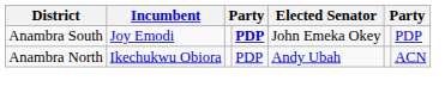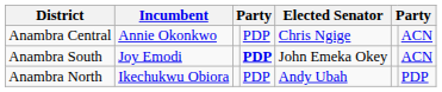 <table class="sortable wikitable" style="font-size:95%;line-height:14px;">
 <tr>
 <th class="unsortable">District</th>
 <th class="unsortable"><a href='#'>Incumbent</a></th>
 <th colspan="2">Party</th>
 <th class="unsortable">Elected Senator</th>
 <th colspan="2">Party</th>
 </tr>
 <tr>
+<td>Anambra Central</td>
+<td><a href='#'>Annie Okonkwo</a></td>
+<td></td>
+<td><a href='#'>PDP</a></td>
+<td><a href='#'>Chris Ngige</a></td>
+<td style="background:"></td>
+<td><a href='#'>ACN</a></td>
+</tr>
+<tr>
 <td>Anambra South</td>
 <td><a href='#'>Joy Emodi</a></td>
 <td></td>
 <td><strong><a href='#'>PDP</a></strong></td>
 <td>John Emeka Okey</td>
 <td style="background:"></td>
-<td><a href='#'>PDP</a></td>
+<td><a href='#'>ACN</a></td>
 </tr>
 <tr>
 <td>Anambra North</td>
 <td><a href='#'>Ikechukwu Obiora</a></td>
 <td></td>
 <td><a href='#'>PDP</a></td>
 <td><a href='#'>Andy Ubah</a></td>
 <td style="background:"></td>
-<td><a href='#'>ACN</a></td>
+<td><a href='#'>PDP</a></td>
 </tr>
 </table>
